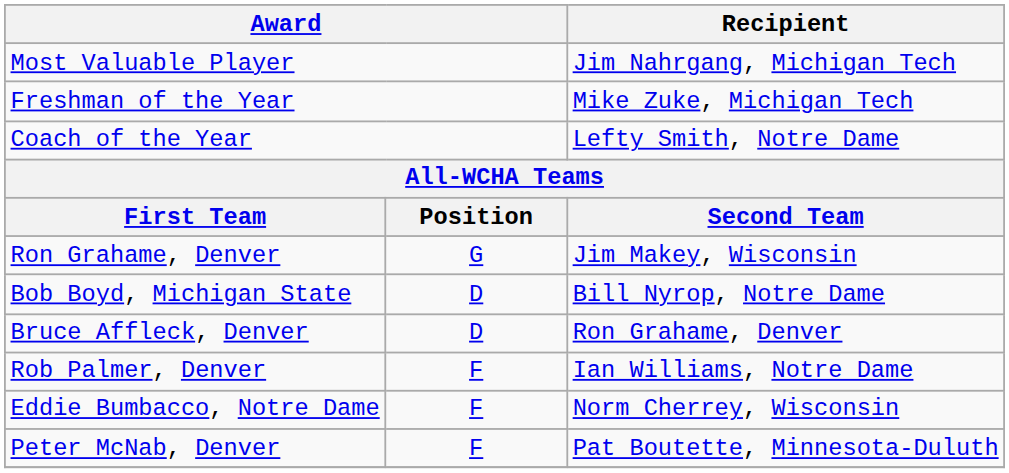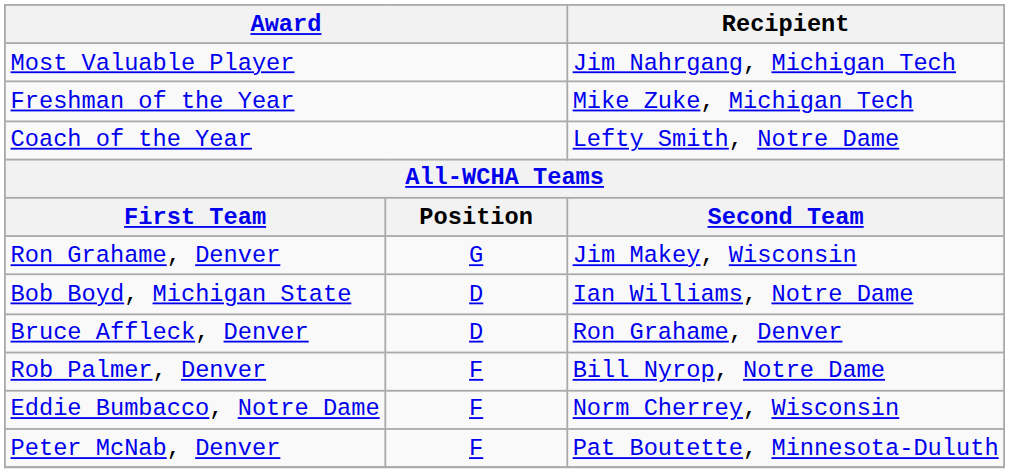 <table class="wikitable">
 <tr>
 <th colspan=2><a href='#'>Award</a></th>
 <th>Recipient</th>
 </tr>
 <tr>
 <td colspan=2><a href='#'>Most Valuable Player</a></td>
 <td><a href='#'>Jim Nahrgang</a>, <a href='#'>Michigan Tech</a></td>
 </tr>
 <tr>
 <td colspan=2><a href='#'>Freshman of the Year</a></td>
 <td><a href='#'>Mike Zuke</a>, <a href='#'>Michigan Tech</a></td>
 </tr>
 <tr>
 <td colspan=2><a href='#'>Coach of the Year</a></td>
 <td><a href='#'>Lefty Smith</a>, <a href='#'>Notre Dame</a></td>
 </tr>
 <tr>
 <th colspan=3><a href='#'>All-WCHA Teams</a></th>
 </tr>
 <tr>
 <th><a href='#'>First Team</a></th>
 <th>  Position  </th>
 <th><a href='#'>Second Team</a></th>
 </tr>
 <tr>
 <td><a href='#'>Ron Grahame</a>, <a href='#'>Denver</a></td>
 <td align=center><a href='#'>G</a></td>
 <td><a href='#'>Jim Makey</a>, <a href='#'>Wisconsin</a></td>
 </tr>
 <tr>
 <td><a href='#'>Bob Boyd</a>, <a href='#'>Michigan State</a></td>
 <td align=center><a href='#'>D</a></td>
-<td><a href='#'>Bill Nyrop</a>, <a href='#'>Notre Dame</a></td>
+<td><a href='#'>Ian Williams</a>, <a href='#'>Notre Dame</a></td>
 </tr>
 <tr>
 <td><a href='#'>Bruce Affleck</a>, <a href='#'>Denver</a></td>
 <td align=center><a href='#'>D</a></td>
 <td><a href='#'>Ron Grahame</a>, <a href='#'>Denver</a></td>
 </tr>
 <tr>
 <td><a href='#'>Rob Palmer</a>, <a href='#'>Denver</a></td>
 <td align=center><a href='#'>F</a></td>
-<td><a href='#'>Ian Williams</a>, <a href='#'>Notre Dame</a></td>
+<td><a href='#'>Bill Nyrop</a>, <a href='#'>Notre Dame</a></td>
 </tr>
 <tr>
 <td><a href='#'>Eddie Bumbacco</a>, <a href='#'>Notre Dame</a></td>
 <td align=center><a href='#'>F</a></td>
 <td><a href='#'>Norm Cherrey</a>, <a href='#'>Wisconsin</a></td>
 </tr>
 <tr>
 <td><a href='#'>Peter McNab</a>, <a href='#'>Denver</a></td>
 <td align=center><a href='#'>F</a></td>
 <td><a href='#'>Pat Boutette</a>, <a href='#'>Minnesota-Duluth</a></td>
 </tr>
 <tr>
 </tr>
 </table>
